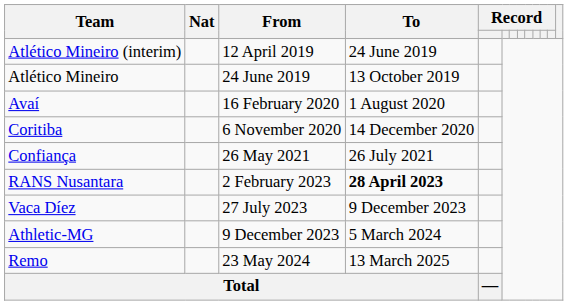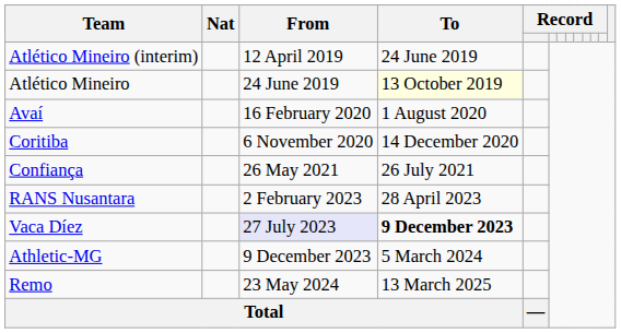 <table class="wikitable" style="text-align: center">
 <tr>
 <th rowspan="2">Team</th>
 <th rowspan="2">Nat</th>
 <th rowspan="2">From</th>
 <th rowspan="2">To</th>
 <th colspan="8">Record</th>
 <th rowspan=2></th>
 </tr>
 <tr>
 <th></th>
 <th></th>
 <th></th>
 <th></th>
 <th></th>
 <th></th>
 <th></th>
 <th></th>
 </tr>
 <tr>
 <td align=left><a href='#'>Atlético Mineiro</a> (interim)</td>
 <td></td>
 <td align=left>12 April 2019</td>
 <td align=left>24 June 2019<br></td>
 <td></td>
 </tr>
 <tr>
 <td align=left>Atlético Mineiro</td>
 <td></td>
 <td align=left>24 June 2019</td>
-<td align=left>13 October 2019<br></td>
+<td align=left style="background: lightyellow;">13 October 2019<br></td>
 <td></td>
 </tr>
 <tr>
 <td align=left><a href='#'>Avaí</a></td>
 <td></td>
 <td align=left>16 February 2020</td>
 <td align=left>1 August 2020<br></td>
 <td></td>
 </tr>
 <tr>
 <td align=left><a href='#'>Coritiba</a></td>
 <td></td>
 <td align=left>6 November 2020</td>
 <td align=left>14 December 2020<br></td>
 <td></td>
 </tr>
 <tr>
 <td align=left><a href='#'>Confiança</a></td>
 <td></td>
 <td align=left>26 May 2021</td>
 <td align=left>26 July 2021<br></td>
 <td></td>
 </tr>
 <tr>
 <td align=left><a href='#'>RANS Nusantara</a></td>
 <td></td>
 <td align=left>2 February 2023</td>
-<td align=left><strong>28 April 2023<br></strong></td>
+<td align=left>28 April 2023<br></td>
 <td></td>
 </tr>
 <tr>
 <td align=left><a href='#'>Vaca Díez</a></td>
 <td></td>
-<td align=left>27 July 2023</td>
-<td align=left>9 December 2023<br></td>
+<td align=left style="background: lavender;">27 July 2023</td>
+<td align=left><strong>9 December 2023<br></strong></td>
 <td></td>
 </tr>
 <tr>
 <td align=left><a href='#'>Athletic-MG</a></td>
 <td></td>
 <td align=left>9 December 2023</td>
 <td align=left>5 March 2024<br></td>
 <td></td>
 </tr>
 <tr>
 <td align=left><a href='#'>Remo</a></td>
 <td></td>
 <td align=left>23 May 2024</td>
 <td align=left>13 March 2025<br></td>
 <td></td>
 </tr>
 <tr>
 <th colspan="4">Total<br></th>
 <th>—</th>
 </tr>
 </table>
